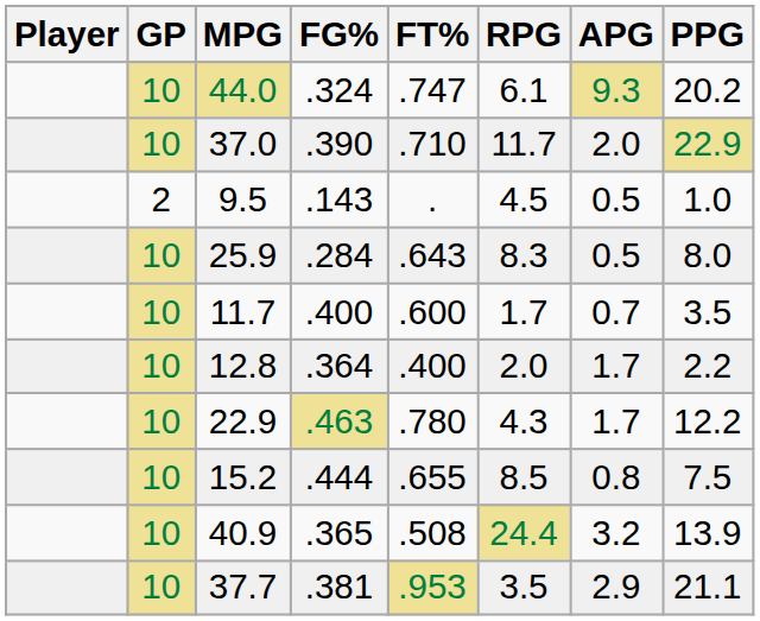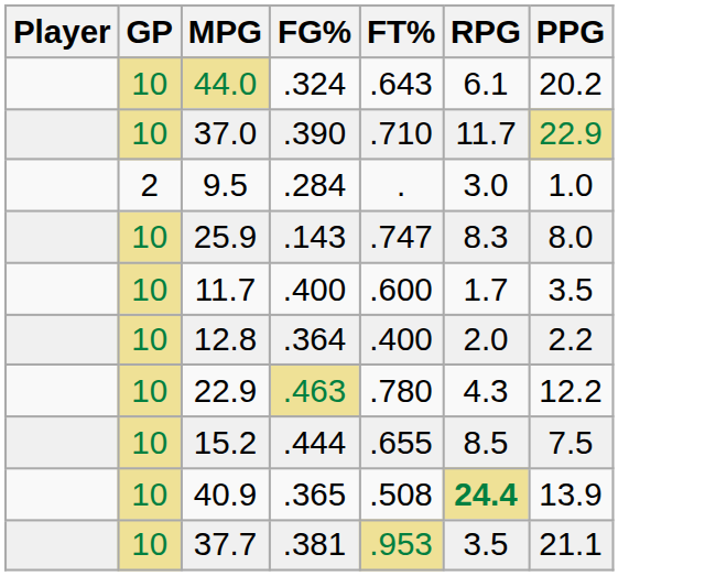 <table class="wikitable sortable" style="font-size:90%; text-align:center; white-space:nowrap;">
 <tr>
 <th>Player</th>
 <th>GP</th>
 <th>MPG</th>
 <th>FG%</th>
 <th>FT%</th>
 <th>RPG</th>
-<th>APG</th>
 <th>PPG</th>
 </tr>
 <tr align="center" bgcolor="">
 <td></td>
 <td style="background:#efe196;color:#008040;">10</td>
 <td style="background:#efe196;color:#008040;">44.0</td>
 <td>.324</td>
-<td>.747</td>
+<td>.643</td>
 <td>6.1</td>
-<td style="background:#efe196;color:#008040;">9.3</td>
 <td>20.2</td>
 </tr>
 <tr align="center" bgcolor="#f0f0f0">
 <td></td>
 <td style="background:#efe196;color:#008040;">10</td>
 <td>37.0</td>
 <td>.390</td>
 <td>.710</td>
 <td>11.7</td>
-<td>2.0</td>
 <td style="background:#efe196;color:#008040;">22.9</td>
 </tr>
 <tr align="center" bgcolor="">
 <td></td>
 <td>2</td>
 <td>9.5</td>
-<td>.143</td>
+<td>.284</td>
 <td>.</td>
-<td>4.5</td>
-<td>0.5</td>
+<td>3.0</td>
 <td>1.0</td>
 </tr>
 <tr align="center" bgcolor="#f0f0f0">
 <td></td>
 <td style="background:#efe196;color:#008040;">10</td>
 <td>25.9</td>
-<td>.284</td>
-<td>.643</td>
+<td>.143</td>
+<td>.747</td>
 <td>8.3</td>
-<td>0.5</td>
 <td>8.0</td>
 </tr>
 <tr align="center" bgcolor="">
 <td></td>
 <td style="background:#efe196;color:#008040;">10</td>
 <td>11.7</td>
 <td>.400</td>
 <td>.600</td>
 <td>1.7</td>
-<td>0.7</td>
 <td>3.5</td>
 </tr>
 <tr align="center" bgcolor="#f0f0f0">
 <td></td>
 <td style="background:#efe196;color:#008040;">10</td>
 <td>12.8</td>
 <td>.364</td>
 <td>.400</td>
 <td>2.0</td>
-<td>1.7</td>
 <td>2.2</td>
 </tr>
 <tr align="center" bgcolor="">
 <td></td>
 <td style="background:#efe196;color:#008040;">10</td>
 <td>22.9</td>
 <td style="background:#efe196;color:#008040;">.463</td>
 <td>.780</td>
 <td>4.3</td>
-<td>1.7</td>
 <td>12.2</td>
 </tr>
 <tr align="center" bgcolor="#f0f0f0">
 <td></td>
 <td style="background:#efe196;color:#008040;">10</td>
 <td>15.2</td>
 <td>.444</td>
 <td>.655</td>
 <td>8.5</td>
-<td>0.8</td>
 <td>7.5</td>
 </tr>
 <tr align="center" bgcolor="">
 <td></td>
 <td style="background:#efe196;color:#008040;">10</td>
 <td>40.9</td>
 <td>.365</td>
 <td>.508</td>
-<td style="background:#efe196;color:#008040;">24.4</td>
-<td>3.2</td>
+<td style="background:#efe196;color:#008040;"><strong>24.4</strong></td>
 <td>13.9</td>
 </tr>
 <tr align="center" bgcolor="#f0f0f0">
 <td></td>
 <td style="background:#efe196;color:#008040;">10</td>
 <td>37.7</td>
 <td>.381</td>
 <td style="background:#efe196;color:#008040;">.953</td>
 <td>3.5</td>
-<td>2.9</td>
 <td>21.1</td>
 </tr>
 </table>
